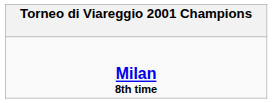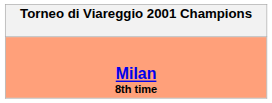 <table class="wikitable" style="margin: 0 auto; width: 30%;">
 <tr>
 <th><big>Torneo di Viareggio 2001 Champions</big><br><br></th>
 </tr>
 <tr>
-<td align=center><br><br><big><big><strong><a href='#'>Milan</a></strong><br></big></big><strong>8th time</strong></td>
+<td align=center style="background: lightsalmon;"><br><br><big><big><strong><a href='#'>Milan</a></strong><br></big></big><strong>8th time</strong></td>
 </tr>
 </table>
